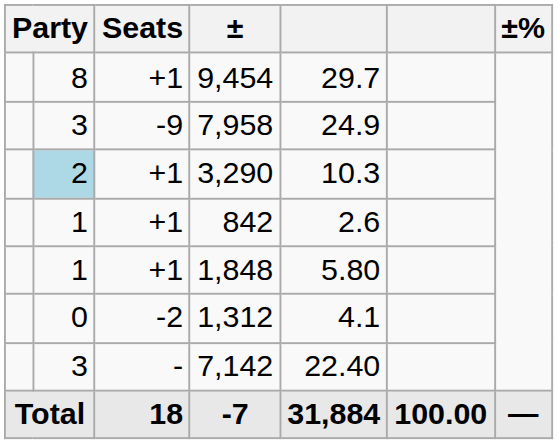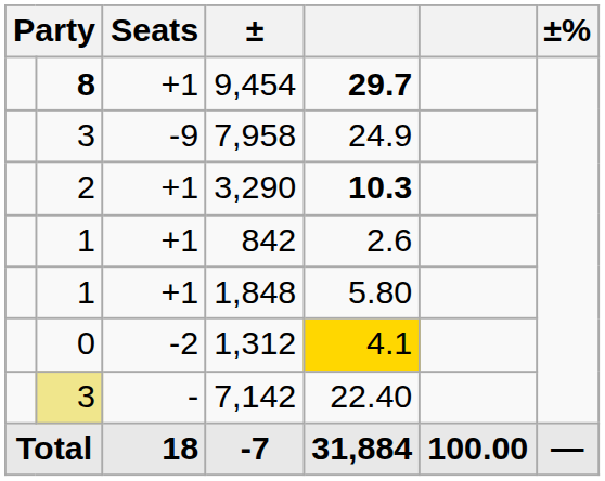 <table class=wikitable>
 <tr>
 <th colspan=2 align=center>Party</th>
 <th>Seats</th>
 <th>±</th>
 <th></th>
 <th></th>
 <th>±%</th>
 </tr>
 <tr>
 <td></td>
-<td align=right>8</td>
+<td align=right><strong>8</strong></td>
 <td align=right>+1</td>
 <td align=right>9,454</td>
-<td align=right>29.7</td>
+<td align=right><strong>29.7</strong></td>
 <td align=right></td>
 </tr>
 <tr>
 <td></td>
 <td align=right>3</td>
 <td align=right>-9</td>
 <td align=right>7,958</td>
 <td align=right>24.9</td>
 <td align=right></td>
 </tr>
 <tr>
 <td></td>
-<td align=right style="background: lightblue;">2</td>
+<td align=right>2</td>
 <td align=right>+1</td>
 <td align=right>3,290</td>
-<td align=right>10.3</td>
+<td align=right><strong>10.3</strong></td>
 <td align=right></td>
 </tr>
 <tr>
 <td></td>
 <td align=right>1</td>
 <td align=right>+1</td>
 <td align=right>842</td>
 <td align=right>2.6</td>
 <td align=right></td>
 </tr>
 <tr>
 <td></td>
 <td align=right>1</td>
 <td align=right>+1</td>
 <td align=right>1,848</td>
 <td align=right>5.80</td>
 <td align=right></td>
 </tr>
 <tr>
 <td></td>
 <td align=right>0</td>
 <td align=right>-2</td>
 <td align=right>1,312</td>
-<td align=right>4.1</td>
+<td align=right style="background: gold;">4.1</td>
 <td align=right></td>
 </tr>
 <tr>
 <td></td>
-<td align=right>3</td>
+<td align=right style="background: khaki;">3</td>
 <td align=right>-</td>
 <td align=right>7,142</td>
 <td align=right>22.40</td>
 <td align=right></td>
 </tr>
 <tr style="font-weight:bold; background:rgb(232,232,232);">
 <td colspan=2 align=center>Total</td>
 <td align=right>18</td>
 <td align=center>-7</td>
 <td align=right>31,884</td>
 <td align=center>100.00</td>
 <td align=center>—</td>
 </tr>
 </table>
